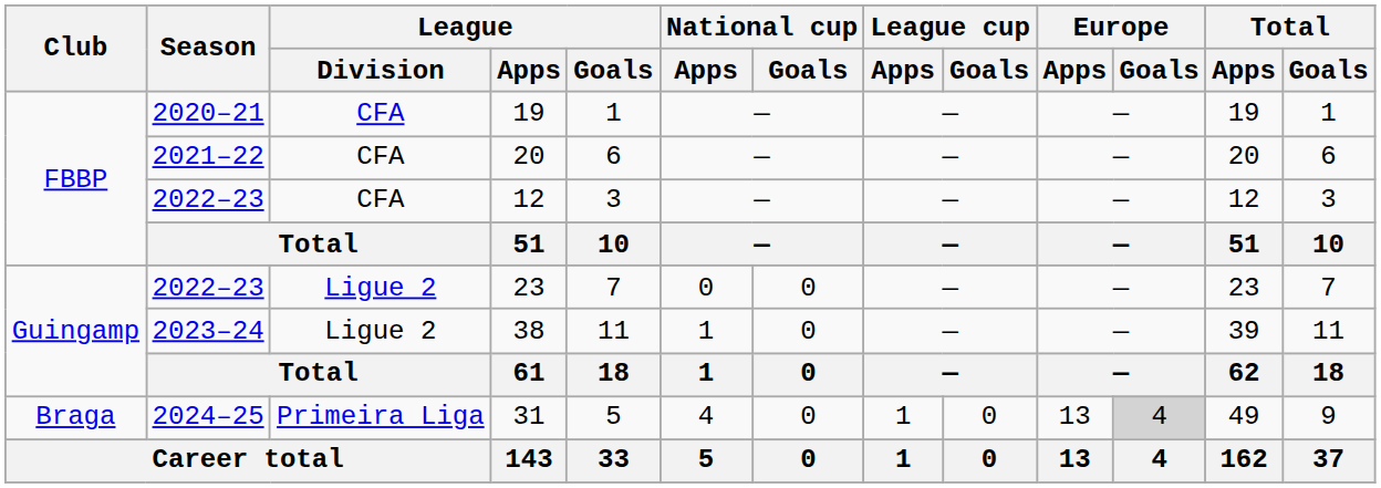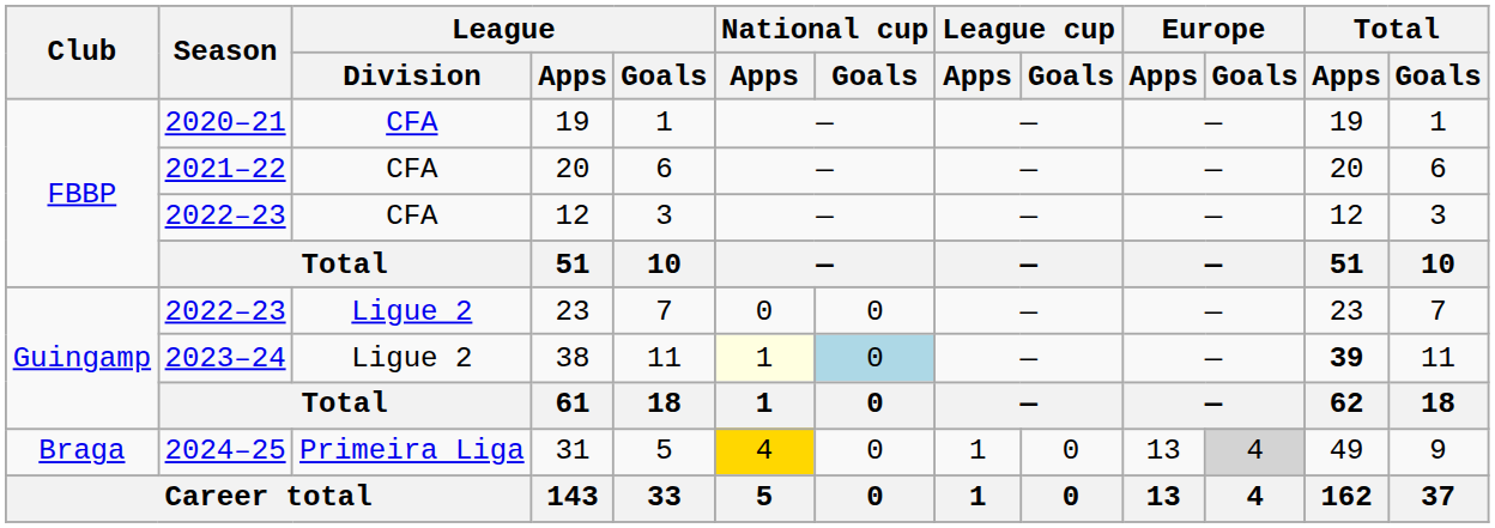 <table class="wikitable" style="text-align:center">
 <tr>
 <th rowspan="2">Club</th>
 <th rowspan="2">Season</th>
 <th colspan="3">League</th>
 <th colspan="2">National cup</th>
 <th colspan="2">League cup</th>
 <th colspan="2">Europe</th>
 <th colspan="2">Total</th>
 </tr>
 <tr>
 <th>Division</th>
 <th>Apps</th>
 <th>Goals</th>
 <th>Apps</th>
 <th>Goals</th>
 <th>Apps</th>
 <th>Goals</th>
 <th>Apps</th>
 <th>Goals</th>
 <th>Apps</th>
 <th>Goals</th>
 </tr>
 <tr>
 <td rowspan="4"><a href='#'>FBBP</a></td>
 <td><a href='#'>2020–21</a></td>
 <td><a href='#'>CFA</a></td>
 <td>19</td>
 <td>1</td>
 <td colspan="2">—</td>
 <td colspan="2">—</td>
 <td colspan="2">—</td>
 <td>19</td>
 <td>1</td>
 </tr>
 <tr>
 <td><a href='#'>2021–22</a></td>
 <td>CFA</td>
 <td>20</td>
 <td>6</td>
 <td colspan="2">—</td>
 <td colspan="2">—</td>
 <td colspan="2">—</td>
 <td>20</td>
 <td>6</td>
 </tr>
 <tr>
 <td><a href='#'>2022–23</a></td>
 <td>CFA</td>
 <td>12</td>
 <td>3</td>
 <td colspan="2">—</td>
 <td colspan="2">—</td>
 <td colspan="2">—</td>
 <td>12</td>
 <td>3</td>
 </tr>
 <tr>
 <th colspan="2">Total</th>
 <th>51</th>
 <th>10</th>
 <th colspan="2">—</th>
 <th colspan="2">—</th>
 <th colspan="2">—</th>
 <th>51</th>
 <th>10</th>
 </tr>
 <tr>
 <td rowspan="3"><a href='#'>Guingamp</a></td>
 <td><a href='#'>2022–23</a></td>
 <td><a href='#'>Ligue 2</a></td>
 <td>23</td>
 <td>7</td>
 <td>0</td>
 <td>0</td>
 <td colspan="2">—</td>
 <td colspan="2">—</td>
 <td>23</td>
 <td>7</td>
 </tr>
 <tr>
 <td><a href='#'>2023–24</a></td>
 <td>Ligue 2</td>
 <td>38</td>
 <td>11</td>
-<td>1</td>
-<td>0</td>
+<td style="background: lightyellow;">1</td>
+<td style="background: lightblue;">0</td>
 <td colspan="2">—</td>
 <td colspan="2">—</td>
-<td>39</td>
+<td><strong>39</strong></td>
 <td>11</td>
 </tr>
 <tr>
 <th colspan="2">Total</th>
 <th>61</th>
 <th>18</th>
 <th>1</th>
 <th>0</th>
 <th colspan="2">—</th>
 <th colspan="2">—</th>
 <th>62</th>
 <th>18</th>
 </tr>
 <tr>
 <td><a href='#'>Braga</a></td>
 <td><a href='#'>2024–25</a></td>
 <td><a href='#'>Primeira Liga</a></td>
 <td>31</td>
 <td>5</td>
-<td>4</td>
+<td style="background: gold;">4</td>
 <td>0</td>
 <td>1</td>
 <td>0</td>
 <td>13</td>
 <td style="background: lightgrey;">4</td>
 <td>49</td>
 <td>9</td>
 </tr>
 <tr>
 <th colspan="3">Career total</th>
 <th>143</th>
 <th>33</th>
 <th>5</th>
 <th>0</th>
 <th>1</th>
 <th>0</th>
 <th>13</th>
 <th>4</th>
 <th>162</th>
 <th>37</th>
 </tr>
 </table>
